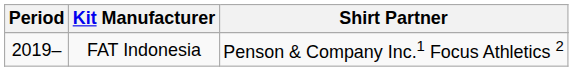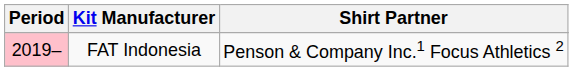 <table class="wikitable" style="text-align: center">
 <tr>
 <th>Period</th>
 <th><a href='#'>Kit</a> Manufacturer</th>
 <th>Shirt Partner</th>
 </tr>
 <tr>
 </tr>
 <tr>
-<td>2019–</td>
+<td style="background: pink;">2019–</td>
 <td>FAT Indonesia</td>
 <td>Penson & Company Inc.<sup>1</sup> Focus Athletics <sup>2</sup></td>
 </tr>
 </table>
